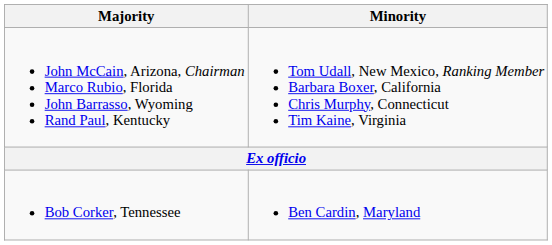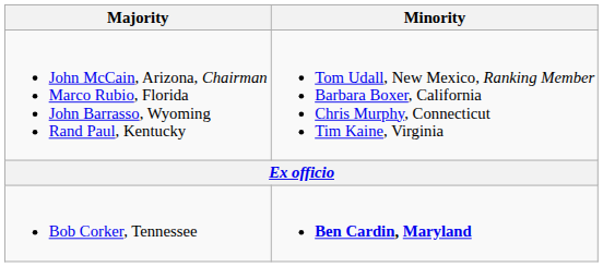 <table class=wikitable>
 <tr>
 <th>Majority</th>
 <th>Minority</th>
 </tr>
 <tr>
 <td><br><ul><li><a href='#'>John McCain</a>, Arizona, <em>Chairman</em></li><li><a href='#'>Marco Rubio</a>, Florida</li><li><a href='#'>John Barrasso</a>, Wyoming</li><li><a href='#'>Rand Paul</a>, Kentucky</li></ul></td>
 <td><br><ul><li><a href='#'>Tom Udall</a>, New Mexico, <em>Ranking Member</em></li><li><a href='#'>Barbara Boxer</a>, California</li><li><a href='#'>Chris Murphy</a>, Connecticut</li><li><a href='#'>Tim Kaine</a>, Virginia</li></ul></td>
 </tr>
 <tr>
 <th colspan=2><em><a href='#'>Ex officio</a></em></th>
 </tr>
 <tr>
 <td><br><ul><li><a href='#'>Bob Corker</a>, Tennessee</li></ul></td>
-<td><br><ul><li><a href='#'>Ben Cardin</a>, <a href='#'>Maryland</a></li></ul></td>
+<td><strong><br><ul><li><a href='#'>Ben Cardin</a>, <a href='#'>Maryland</a></li></ul></strong></td>
 </tr>
 </table>
